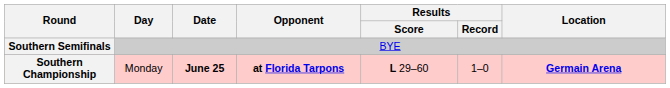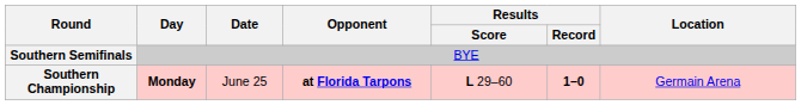 <table class="wikitable">
 <tr>
 <th rowspan="2" width="160">Round</th>
 <th rowspan="2" width="80">Day</th>
 <th rowspan="2" width="90">Date</th>
 <th rowspan="2" width="180">Opponent</th>
 <th colspan="2" width="200">Results</th>
 <th rowspan="2" width="240">Location</th>
 </tr>
 <tr>
 <th width="140">Score</th>
 <th width="60">Record</th>
 </tr>
 <tr align="center" bgcolor="#CCCCCC">
 <th>Southern Semifinals</th>
 <td colSpan=6><a href='#'>BYE</a></td>
 </tr>
 <tr align="center" bgcolor="#FFCCCC">
 <th>Southern Championship</th>
-<td>Monday</td>
-<td><strong>June 25</strong></td>
+<td><strong>Monday</strong></td>
+<td>June 25</td>
 <td><strong>at <a href='#'>Florida Tarpons</a></strong></td>
 <td><strong>L</strong> 29–60</td>
-<td>1–0</td>
-<td><strong><a href='#'>Germain Arena</a></strong></td>
+<td><strong>1–0</strong></td>
+<td><a href='#'>Germain Arena</a></td>
 </tr>
 </table>
